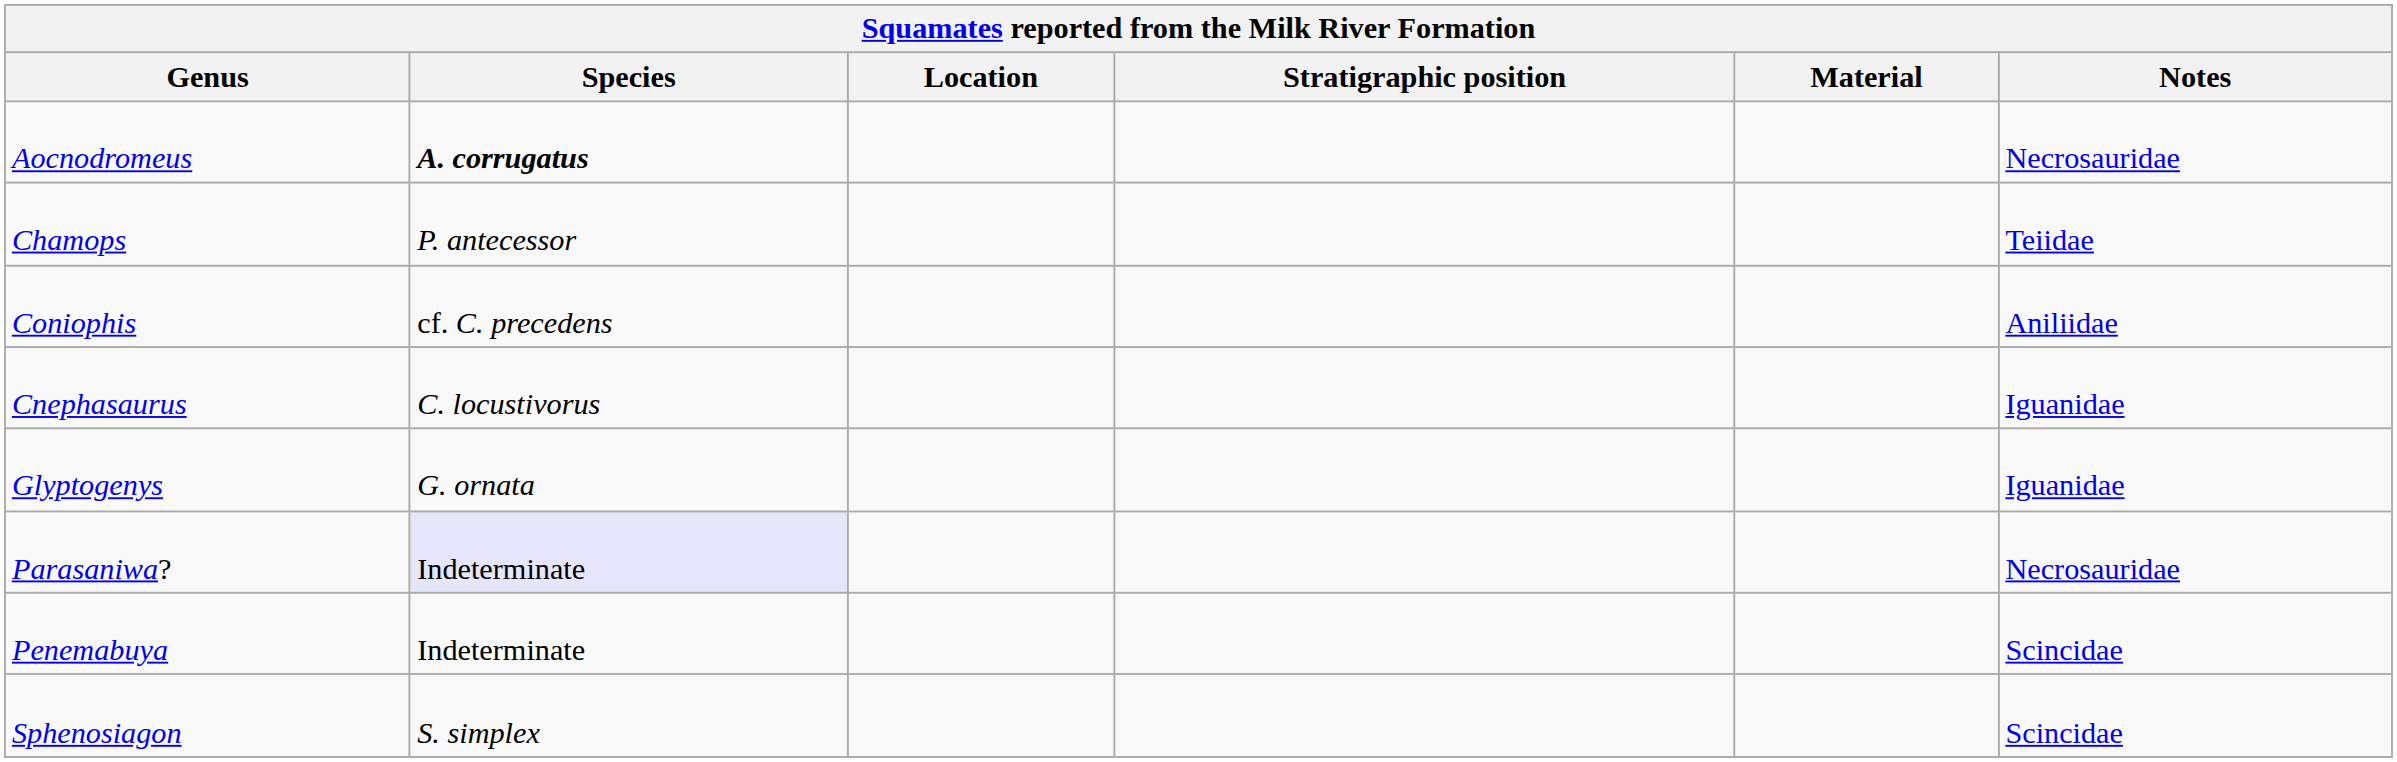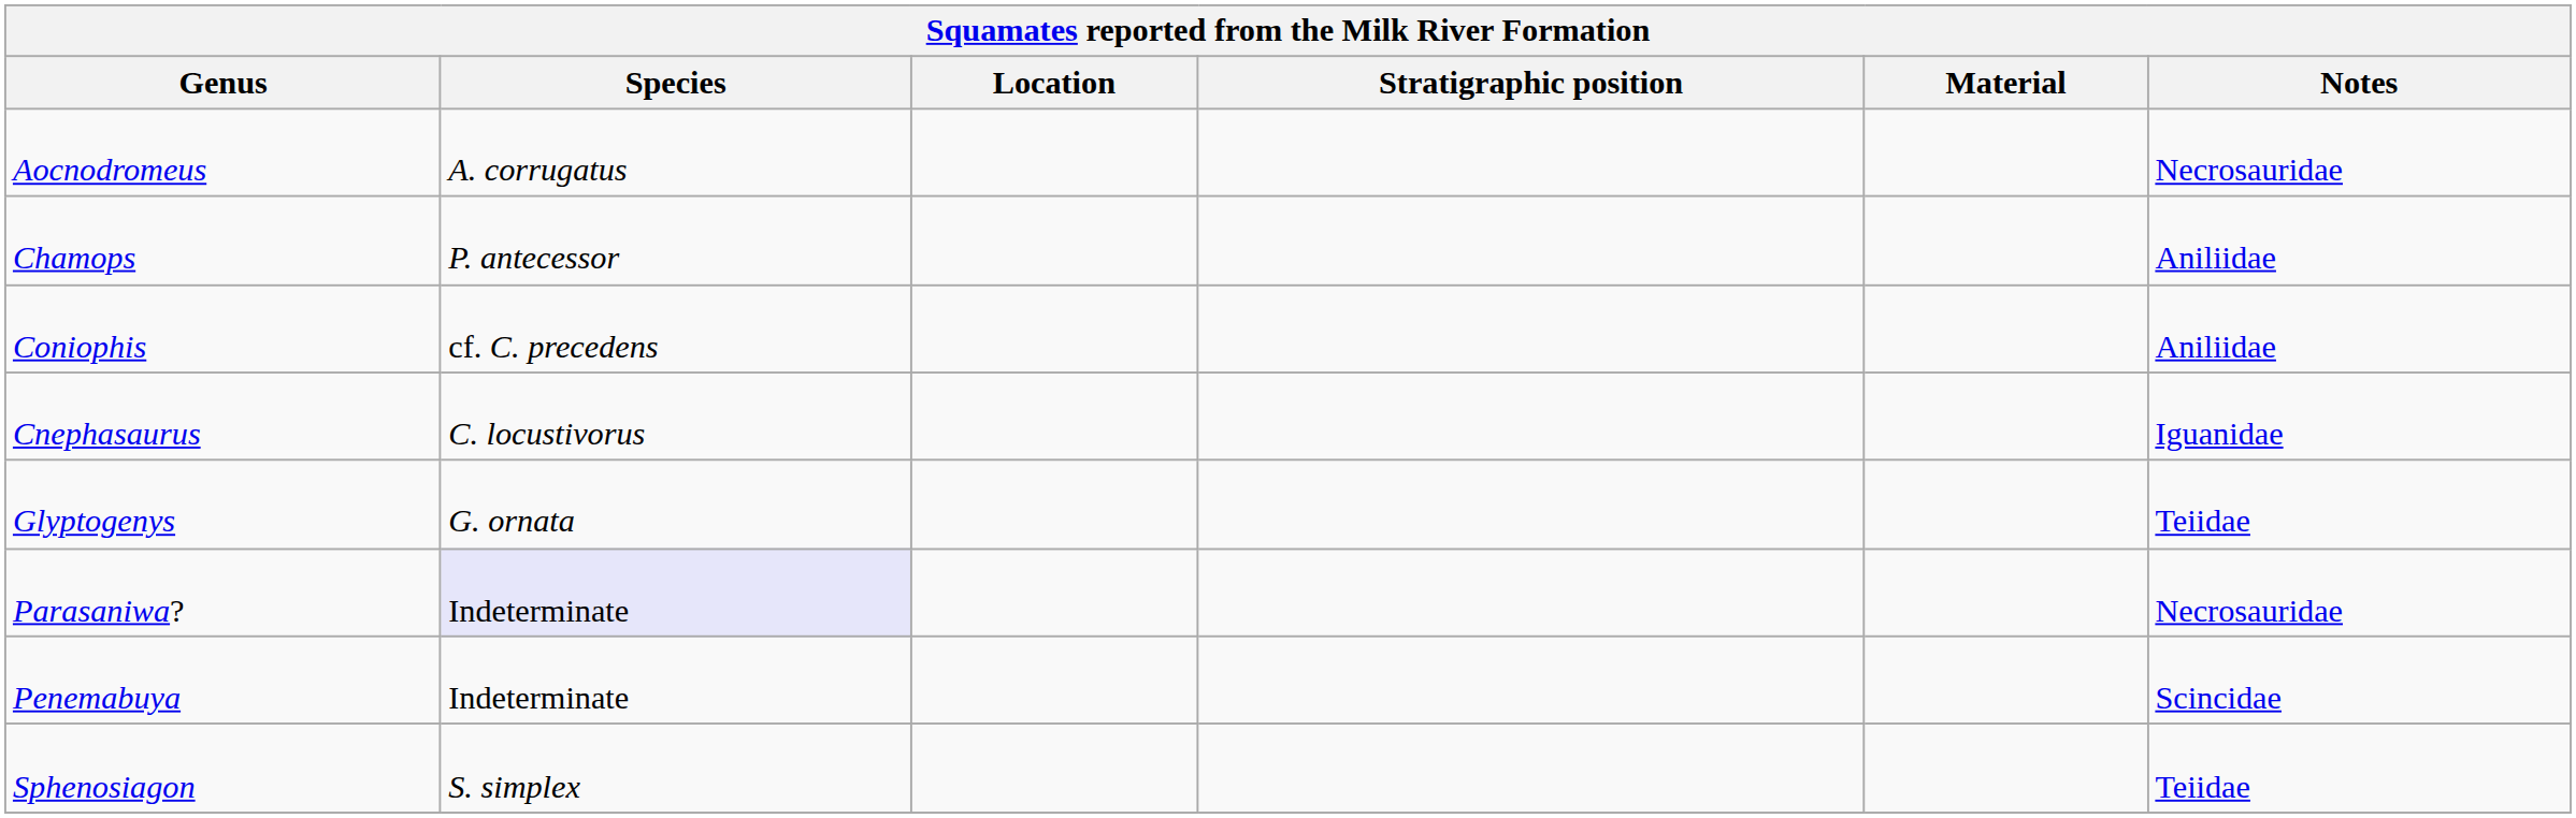 <table class="wikitable" align="center" width="100%">
 <tr>
 <th colspan="7" align="center"><strong><a href='#'>Squamates</a> reported from the Milk River Formation</strong></th>
 </tr>
 <tr>
 <th>Genus</th>
 <th>Species</th>
 <th>Location</th>
 <th>Stratigraphic position</th>
 <th>Material</th>
 <th>Notes<br></th>
 </tr>
 <tr>
 <td><br><em><a href='#'>Aocnodromeus</a></em></td>
-<td><strong><br><em>A. corrugatus</em></strong></td>
+<td><br><em>A. corrugatus</em></td>
 <td></td>
 <td></td>
 <td></td>
 <td><br><a href='#'>Necrosauridae</a></td>
 </tr>
 <tr>
 <td><br><em><a href='#'>Chamops</a></em></td>
 <td><br><em>P. antecessor</em></td>
 <td></td>
 <td></td>
 <td></td>
-<td><br><a href='#'>Teiidae</a></td>
+<td><br><a href='#'>Aniliidae</a></td>
 </tr>
 <tr>
 <td><br><em><a href='#'>Coniophis</a></em></td>
 <td><br>cf. <em>C. precedens</em></td>
 <td></td>
 <td></td>
 <td></td>
 <td><br><a href='#'>Aniliidae</a></td>
 </tr>
 <tr>
 <td><br><em><a href='#'>Cnephasaurus</a></em></td>
 <td><br><em>C. locustivorus</em></td>
 <td></td>
 <td></td>
 <td></td>
 <td><br><a href='#'>Iguanidae</a></td>
 </tr>
 <tr>
 <td><br><em><a href='#'>Glyptogenys</a></em></td>
 <td><br><em>G. ornata</em></td>
 <td></td>
 <td></td>
 <td></td>
-<td><br><a href='#'>Iguanidae</a></td>
+<td><br><a href='#'>Teiidae</a></td>
 </tr>
 <tr>
 <td><br><em><a href='#'>Parasaniwa</a></em>?</td>
 <td style="background: lavender;"><br>Indeterminate</td>
 <td></td>
 <td></td>
 <td></td>
 <td><br><a href='#'>Necrosauridae</a></td>
 </tr>
 <tr>
 <td><br><em><a href='#'>Penemabuya</a></em></td>
 <td><br>Indeterminate</td>
 <td></td>
 <td></td>
 <td></td>
 <td><br><a href='#'>Scincidae</a></td>
 </tr>
 <tr>
 <td><br><em><a href='#'>Sphenosiagon</a></em></td>
 <td><br><em>S. simplex</em></td>
 <td></td>
 <td></td>
 <td></td>
-<td><br><a href='#'>Scincidae</a></td>
+<td><br><a href='#'>Teiidae</a></td>
 </tr>
 <tr>
 </tr>
 </table>
